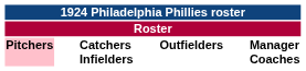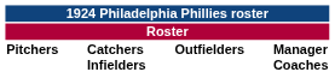 <table class="toccolours" style="font-size: 95%;">
 <tr>
 <th colspan="10" style="background-color: #0f437c; color: white; text-align: center;">1924 Philadelphia Phillies roster</th>
 </tr>
 <tr>
 <td colspan="10" style="background-color: #af0039; color: white; text-align: center;"><strong>Roster</strong></td>
 </tr>
 <tr>
-<td valign="top" style="background: pink;"><strong>Pitchers</strong><br>             </td>
+<td valign="top"><strong>Pitchers</strong><br>             </td>
 <td width="25px"></td>
 <td valign="top"><strong>Catchers</strong><br>   <strong>Infielders</strong>       </td>
 <td width="25px"></td>
 <td valign="top"><strong>Outfielders</strong><br>        </td>
 <td width="25px"></td>
 <td valign="top"><strong>Manager</strong><br> <strong>Coaches</strong>  </td>
 </tr>
 </table>
